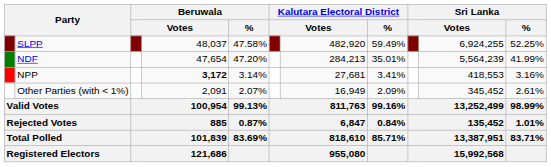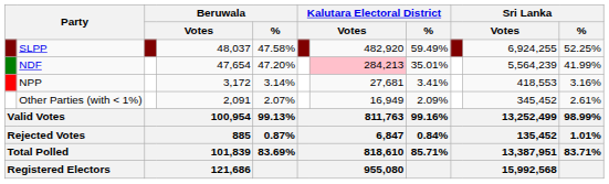 <table class="wikitable">
 <tr>
 <th colspan="2" width="144px"rowspan="2">Party</th>
 <th colspan="3" width="216px">Beruwala</th>
 <th colspan="3" width="216px"><a href='#'>Kalutara Electoral District</a></th>
 <th colspan="3" width="216px">Sri Lanka</th>
 </tr>
 <tr>
 <th colspan="2" width="144px">Votes</th>
 <th>%</th>
 <th colspan="2" width="144px">Votes</th>
 <th>%</th>
 <th colspan="2" width="144px">Votes</th>
 <th>%</th>
 </tr>
 <tr>
 <td style="background-color:maroon;" width="10px"></td>
 <td style="text-align:left;"><a href='#'>SLPP</a></td>
 <td style="background-color:maroon;" width="10px"></td>
 <td style="text-align:right;">48,037</td>
 <td style="text-align:right;">47.58%</td>
 <td style="background-color:maroon;" width="10px"></td>
 <td style="text-align:right;">482,920</td>
 <td style="text-align:right;">59.49%</td>
 <td style="background-color:maroon;" width="10px"></td>
 <td style="text-align:right;">6,924,255</td>
 <td style="text-align:right;">52.25%</td>
 </tr>
 <tr>
 <td style="background-color:green;" width="10px"></td>
 <td style="text-align:left;"><a href='#'>NDF</a></td>
 <td style="background-color:white;" width="10px"></td>
 <td style="text-align:right;">47,654</td>
 <td style="text-align:right;">47.20%</td>
 <td style="background-color:white;" width="10px"></td>
-<td style="text-align:right;">284,213</td>
+<td style="background: pink; text-align:right;">284,213</td>
 <td style="text-align:right;">35.01%</td>
 <td style="background-color:white;" width="10px"></td>
 <td style="text-align:right;">5,564,239</td>
 <td style="text-align:right;">41.99%</td>
 </tr>
 <tr>
 <td style="background-color:red;" width="10px"></td>
 <td style="text-align:left;">NPP</td>
 <td style="background-color:white;" width="10px"></td>
-<td style="text-align:right;"><strong>3,172</strong></td>
+<td style="text-align:right;">3,172</td>
 <td style="text-align:right;">3.14%</td>
 <td style="background-color:white;" width="10px"></td>
 <td style="text-align:right;">27,681</td>
 <td style="text-align:right;">3.41%</td>
 <td style="background-color:white;" width="10px"></td>
 <td style="text-align:right;">418,553</td>
 <td style="text-align:right;">3.16%</td>
 </tr>
 <tr>
 <td style="background-color:white;" width="10px"></td>
 <td style="text-align:left;">Other Parties (with < 1%)</td>
 <td style="background-color:white;" width="10px"></td>
 <td style="text-align:right;">2,091</td>
 <td style="text-align:right;">2.07%</td>
 <td style="background-color:white;" width="10px"></td>
 <td style="text-align:right;">16,949</td>
 <td style="text-align:right;">2.09%</td>
 <td style="background-color:white;" width="10px"></td>
 <td style="text-align:right;">345,452</td>
 <td style="text-align:right;">2.61%</td>
 </tr>
 <tr>
 <th colspan="2" width="144px"style="text-align:left;">Valid Votes</th>
 <th style="text-align:right;"colspan="2" width="144px">100,954</th>
 <th style="text-align:right;">99.13%</th>
 <th style="text-align:right;"colspan="2" width="144px">811,763</th>
 <th style="text-align:right;">99.16%</th>
 <th style="text-align:right;"colspan="2" width="144px">13,252,499</th>
 <th style="text-align:right;">98.99%</th>
 </tr>
 <tr>
 <th colspan="2" width="144px"style="text-align:left;">Rejected Votes</th>
 <th style="text-align:right;"colspan="2" width="144px">885</th>
 <th style="text-align:right;">0.87%</th>
 <th style="text-align:right;"colspan="2" width="144px">6,847</th>
 <th style="text-align:right;">0.84%</th>
 <th style="text-align:right;"colspan="2" width="144px">135,452</th>
 <th style="text-align:right;">1.01%</th>
 </tr>
 <tr>
 <th colspan="2" width="144px"style="text-align:left;">Total Polled</th>
 <th style="text-align:right;"colspan="2" width="144px">101,839</th>
 <th style="text-align:right;">83.69%</th>
 <th style="text-align:right;"colspan="2" width="144px">818,610</th>
 <th style="text-align:right;">85.71%</th>
 <th style="text-align:right;"colspan="2" width="144px">13,387,951</th>
 <th style="text-align:right;">83.71%</th>
 </tr>
 <tr>
 <th colspan="2" width="144px"style="text-align:left;">Registered Electors</th>
 <th style="text-align:right;"colspan="2" width="144px">121,686</th>
 <th></th>
 <th style="text-align:right;"colspan="2" width="144px">955,080</th>
 <th></th>
 <th style="text-align:right;"colspan="2" width="144px">15,992,568</th>
 <th></th>
 </tr>
 </table>
